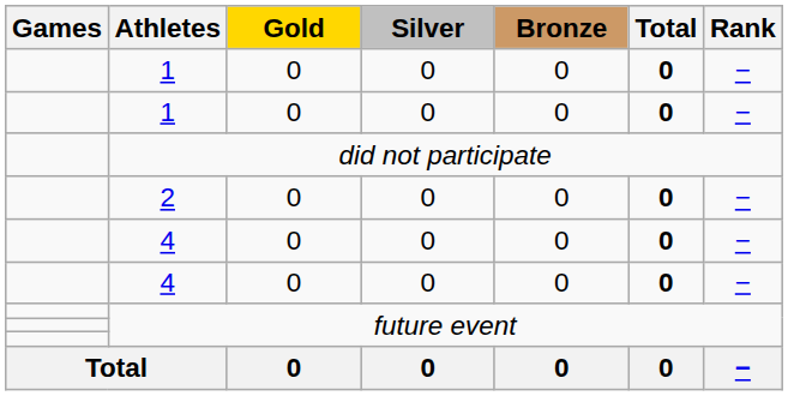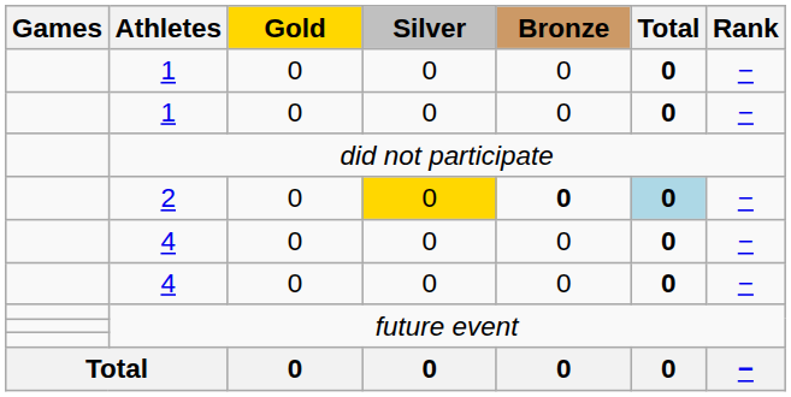 <table class="wikitable" style="text-align:center; font-size:90%;">
 <tr>
 <th>Games</th>
 <th>Athletes</th>
 <th style="background:gold; width:4.5em; font-weight:bold;">Gold</th>
 <th style="background:silver; width:4.5em; font-weight:bold;">Silver</th>
 <th style="background:#cc9966; width:4.5em; font-weight:bold;">Bronze</th>
 <th>Total</th>
 <th>Rank</th>
 </tr>
 <tr>
 <td align=left></td>
 <td><a href='#'>1</a></td>
 <td>0</td>
 <td>0</td>
 <td>0</td>
 <td><strong>0</strong></td>
 <td><a href='#'>−</a></td>
 </tr>
 <tr>
 <td align=left></td>
 <td><a href='#'>1</a></td>
 <td>0</td>
 <td>0</td>
 <td>0</td>
 <td><strong>0</strong></td>
 <td><a href='#'>−</a></td>
 </tr>
 <tr>
 <td align=left></td>
 <td colspan=6><em>did not participate</em></td>
 </tr>
 <tr>
 <td align=left></td>
 <td><a href='#'>2</a></td>
 <td>0</td>
-<td>0</td>
-<td>0</td>
+<td style="background: gold;">0</td>
 <td><strong>0</strong></td>
+<td style="background: lightblue;"><strong>0</strong></td>
 <td><a href='#'>−</a></td>
 </tr>
 <tr>
 <td align=left></td>
 <td><a href='#'>4</a></td>
 <td>0</td>
 <td>0</td>
 <td>0</td>
 <td><strong>0</strong></td>
 <td><a href='#'>−</a></td>
 </tr>
 <tr>
 <td align=left></td>
 <td><a href='#'>4</a></td>
 <td>0</td>
 <td>0</td>
 <td>0</td>
 <td><strong>0</strong></td>
 <td><a href='#'>−</a></td>
 </tr>
 <tr>
 <td align=left></td>
 <td colspan=6; rowspan=3><em>future event</em></td>
 </tr>
 <tr>
 <td align=left></td>
 </tr>
 <tr>
 <td align=left></td>
 </tr>
 <tr>
 <th colspan=2>Total</th>
 <th>0</th>
 <th>0</th>
 <th>0</th>
 <th>0</th>
 <th><a href='#'>−</a></th>
 </tr>
 </table>
